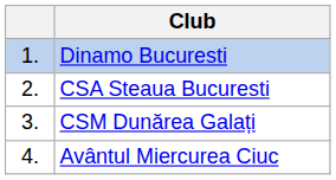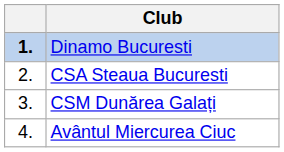 <table class="wikitable">
 <tr>
 <th width="30"></th>
 <th width="200">Club</th>
 </tr>
 <tr bgcolor="#BCD2EE" align="center">
-<td>1.</td>
+<td><strong>1.</strong></td>
 <td align="left"><a href='#'>Dinamo Bucuresti</a></td>
 </tr>
 <tr bgcolor="#FFFFFF" align="center">
 <td>2.</td>
 <td align="left"><a href='#'>CSA Steaua Bucuresti</a></td>
 </tr>
 <tr bgcolor="#FFFFFF" align="center">
 <td>3.</td>
 <td align="left"><a href='#'>CSM Dunărea Galați</a></td>
 </tr>
 <tr bgcolor="#FFFFFF" align="center">
 <td>4.</td>
 <td align="left"><a href='#'>Avântul Miercurea Ciuc</a></td>
 </tr>
 </table>
